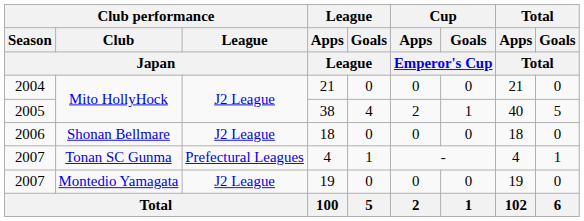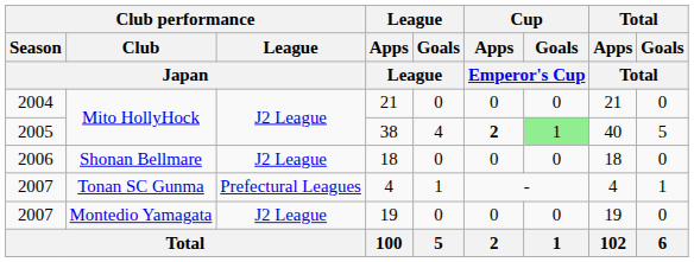 <table class="wikitable" style="text-align:center;">
 <tr>
 <th colspan=3>Club performance</th>
 <th colspan=2>League</th>
 <th colspan=2>Cup</th>
 <th colspan=2>Total</th>
 </tr>
 <tr>
 <th>Season</th>
 <th>Club</th>
 <th>League</th>
 <th>Apps</th>
 <th>Goals</th>
 <th>Apps</th>
 <th>Goals</th>
 <th>Apps</th>
 <th>Goals</th>
 </tr>
 <tr>
 <th colspan=3>Japan</th>
 <th colspan=2>League</th>
 <th colspan=2><a href='#'>Emperor's Cup</a></th>
 <th colspan=2>Total</th>
 </tr>
 <tr>
 <td>2004</td>
 <td rowspan="2"><a href='#'>Mito HollyHock</a></td>
 <td rowspan="2"><a href='#'>J2 League</a></td>
 <td>21</td>
 <td>0</td>
 <td>0</td>
 <td>0</td>
 <td>21</td>
 <td>0</td>
 </tr>
 <tr>
 <td>2005</td>
 <td>38</td>
 <td>4</td>
-<td>2</td>
-<td>1</td>
+<td><strong>2</strong></td>
+<td style="background: lightgreen;">1</td>
 <td>40</td>
 <td>5</td>
 </tr>
 <tr>
 <td>2006</td>
 <td><a href='#'>Shonan Bellmare</a></td>
 <td><a href='#'>J2 League</a></td>
 <td>18</td>
 <td>0</td>
 <td>0</td>
 <td>0</td>
 <td>18</td>
 <td>0</td>
 </tr>
 <tr>
 <td>2007</td>
 <td><a href='#'>Tonan SC Gunma</a></td>
 <td><a href='#'>Prefectural Leagues</a></td>
 <td>4</td>
 <td>1</td>
 <td colspan="2">-</td>
 <td>4</td>
 <td>1</td>
 </tr>
 <tr>
 <td>2007</td>
 <td><a href='#'>Montedio Yamagata</a></td>
 <td><a href='#'>J2 League</a></td>
 <td>19</td>
 <td>0</td>
 <td>0</td>
 <td>0</td>
 <td>19</td>
 <td>0</td>
 </tr>
 <tr>
 <th colspan=3>Total</th>
 <th>100</th>
 <th>5</th>
 <th>2</th>
 <th>1</th>
 <th>102</th>
 <th>6</th>
 </tr>
 </table>
